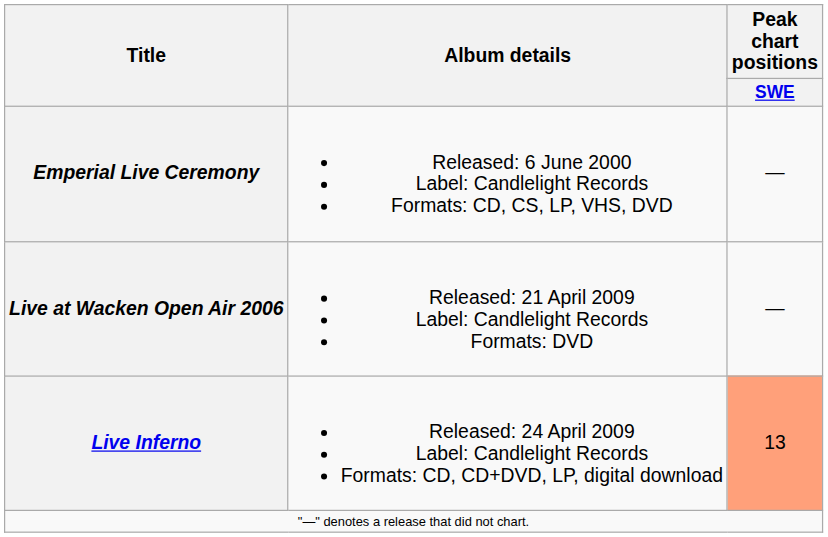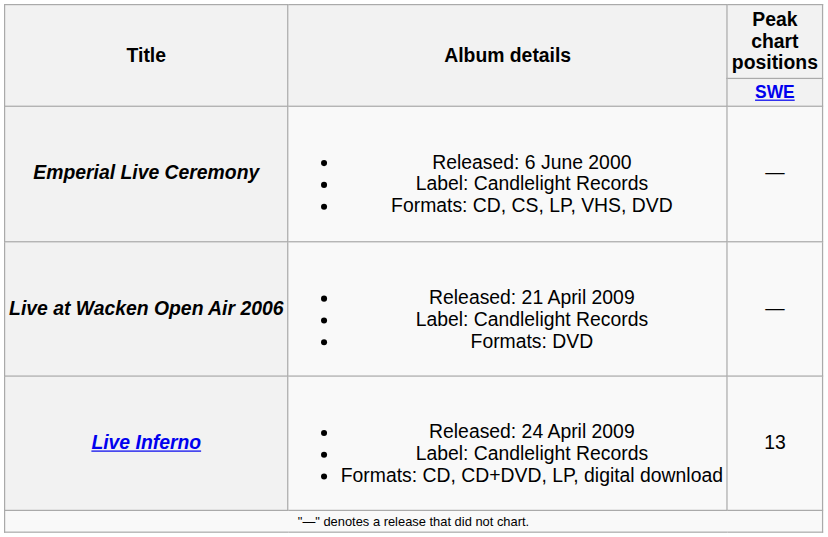 <table class="wikitable plainrowheaders" style="text-align:center;">
 <tr>
 <th scope="col" rowspan="2">Title</th>
 <th scope="col" rowspan="2">Album details</th>
 <th scope="col" colspan="1">Peak chart positions</th>
 </tr>
 <tr>
 <th scope="col" style="width:3em;font-size:90%;"><a href='#'>SWE</a><br></th>
 </tr>
 <tr>
 <th scope="row"><strong><em>Emperial Live Ceremony</em></strong></th>
 <td><br><ul><li>Released: 6 June 2000</li><li>Label: Candlelight Records</li><li>Formats: CD, CS, LP, VHS, DVD</li></ul></td>
 <td align="center">—</td>
 </tr>
 <tr>
 <th scope="row"><strong><em>Live at Wacken Open Air 2006</em></strong></th>
 <td><br><ul><li>Released: 21 April 2009</li><li>Label: Candlelight Records</li><li>Formats: DVD</li></ul></td>
 <td align="center">—</td>
 </tr>
 <tr>
 <th scope="row"><strong><em><a href='#'>Live Inferno</a></em></strong></th>
 <td><br><ul><li>Released: 24 April 2009</li><li>Label: Candlelight Records</li><li>Formats: CD, CD+DVD, LP, digital download</li></ul></td>
-<td align="center" style="background: lightsalmon;">13</td>
+<td align="center">13</td>
 </tr>
 <tr>
 <td colspan=10 style=font-size:8pt;>"—" denotes a release that did not chart.</td>
 </tr>
 </table>
